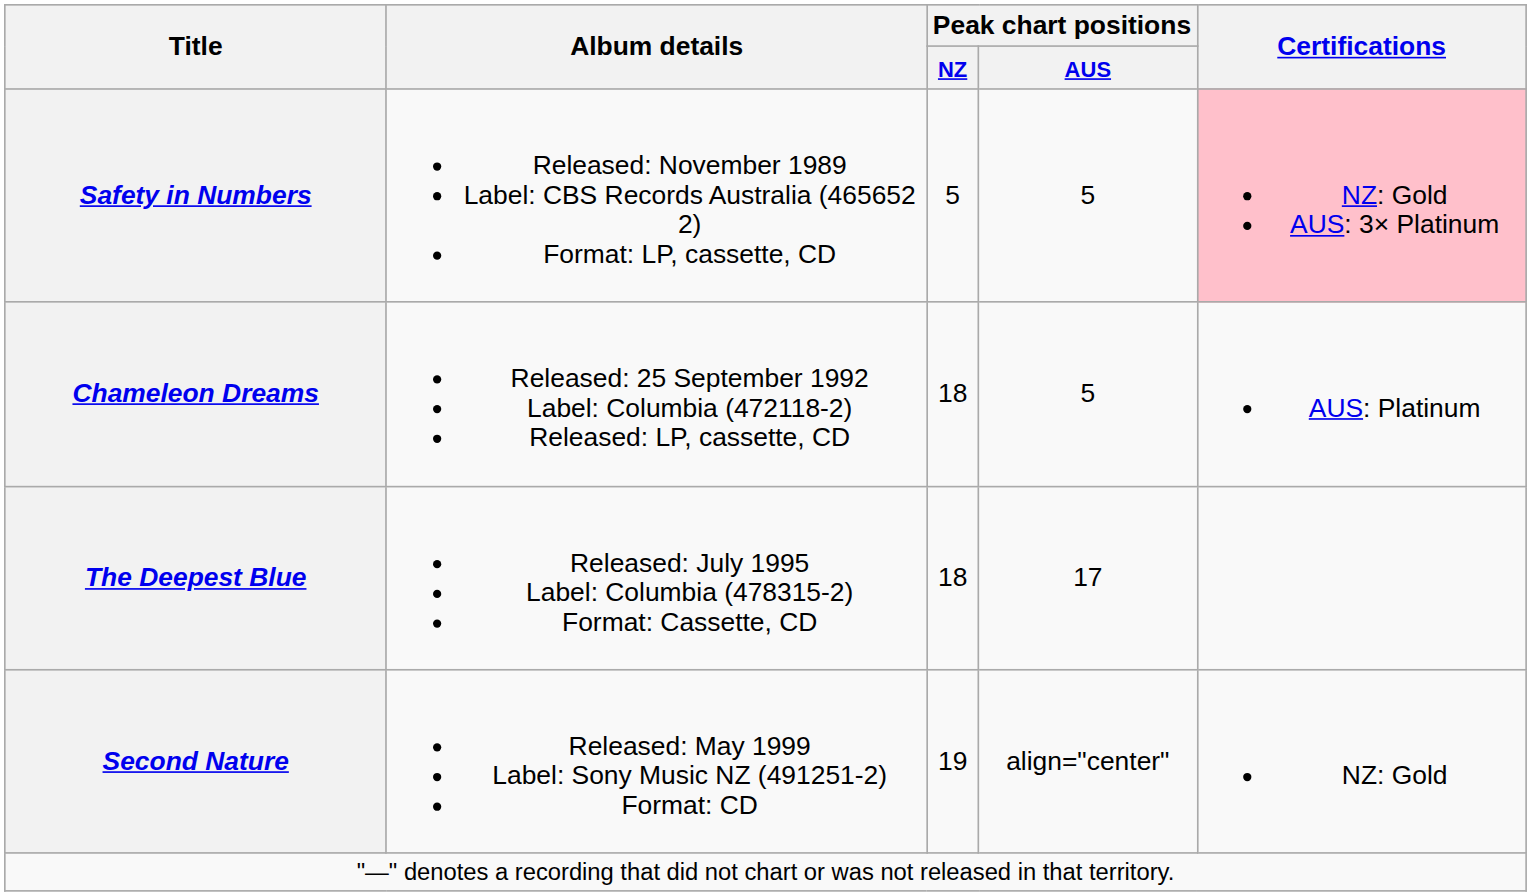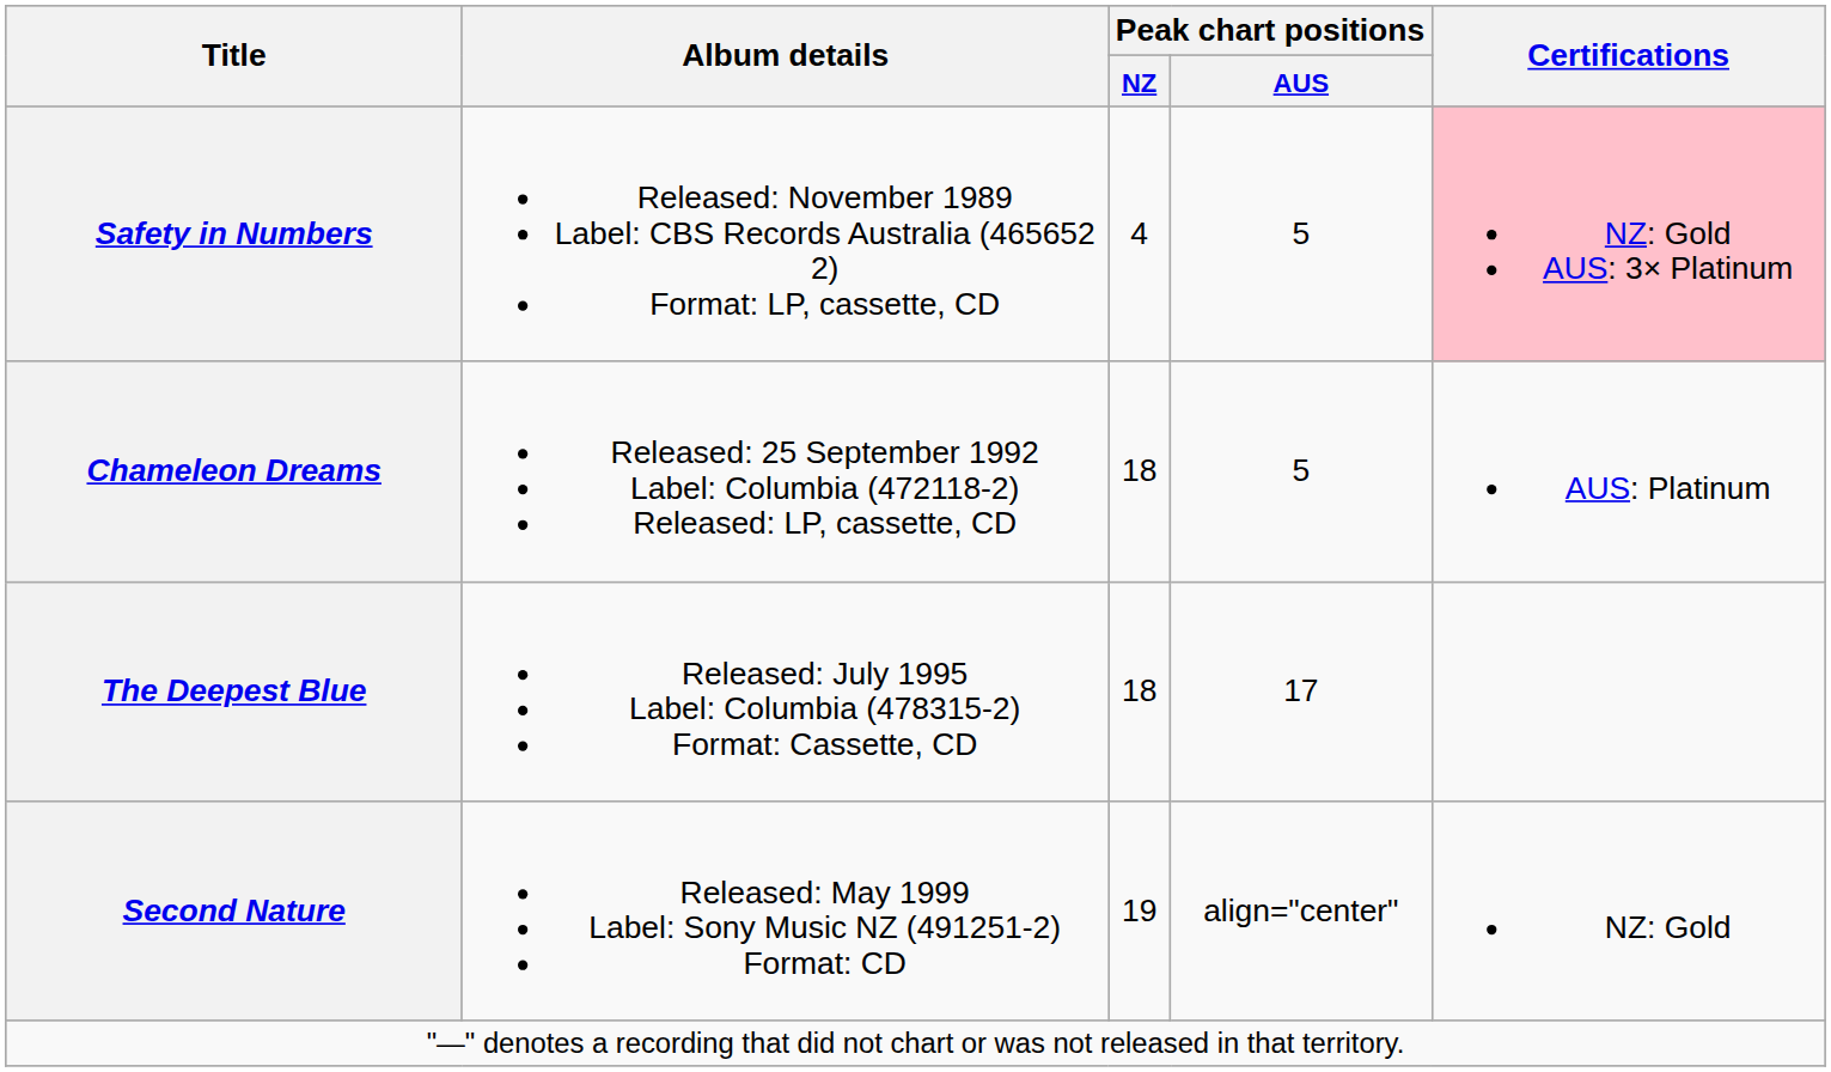 <table class="wikitable plainrowheaders" style="text-align:center;">
 <tr>
 <th scope="col" rowspan="2" style="width:14em;">Title</th>
 <th scope="col" rowspan="2" style="width:20em;">Album details</th>
 <th scope="col" colspan="2">Peak chart positions</th>
 <th scope="col" rowspan="2" style="width:12em;"><a href='#'>Certifications</a></th>
 </tr>
 <tr>
 <th><small><a href='#'>NZ</a></small><br></th>
 <th><small><a href='#'>AUS</a></small><br></th>
 </tr>
 <tr>
 <th scope="row"><em><a href='#'>Safety in Numbers</a></em></th>
 <td><br><ul><li>Released: November 1989</li><li>Label: CBS Records Australia (465652 2)</li><li>Format: LP, cassette, CD</li></ul></td>
-<td style="text-align:center;">5</td>
+<td style="text-align:center;">4</td>
 <td style="text-align:center;">5</td>
 <td style="background: pink;"><br><ul><li><a href='#'>NZ</a>: Gold </li><li><a href='#'>AUS</a>: 3× Platinum</li></ul></td>
 </tr>
 <tr>
 <th scope="row"><em><a href='#'>Chameleon Dreams</a></em></th>
 <td><br><ul><li>Released: 25 September 1992</li><li>Label: Columbia (472118-2)</li><li>Released: LP, cassette, CD</li></ul></td>
 <td align="center">18</td>
 <td align="center">5</td>
 <td><br><ul><li><a href='#'>AUS</a>: Platinum</li></ul></td>
 </tr>
 <tr>
 <th scope="row"><em><a href='#'>The Deepest Blue</a></em></th>
 <td><br><ul><li>Released: July 1995</li><li>Label: Columbia (478315-2)</li><li>Format: Cassette, CD</li></ul></td>
 <td align="center">18</td>
 <td align="center">17</td>
 <td></td>
 </tr>
 <tr>
 <th scope="row"><em><a href='#'>Second Nature</a></em></th>
 <td><br><ul><li>Released: May 1999</li><li>Label: Sony Music NZ (491251-2)</li><li>Format: CD</li></ul></td>
 <td align="center">19</td>
 <td>align="center" </td>
 <td><br><ul><li>NZ: Gold </li></ul></td>
 </tr>
 <tr>
 <td colspan="6" style="font-size:90%" align="center">"—" denotes a recording that did not chart or was not released in that territory.</td>
 </tr>
 </table>
